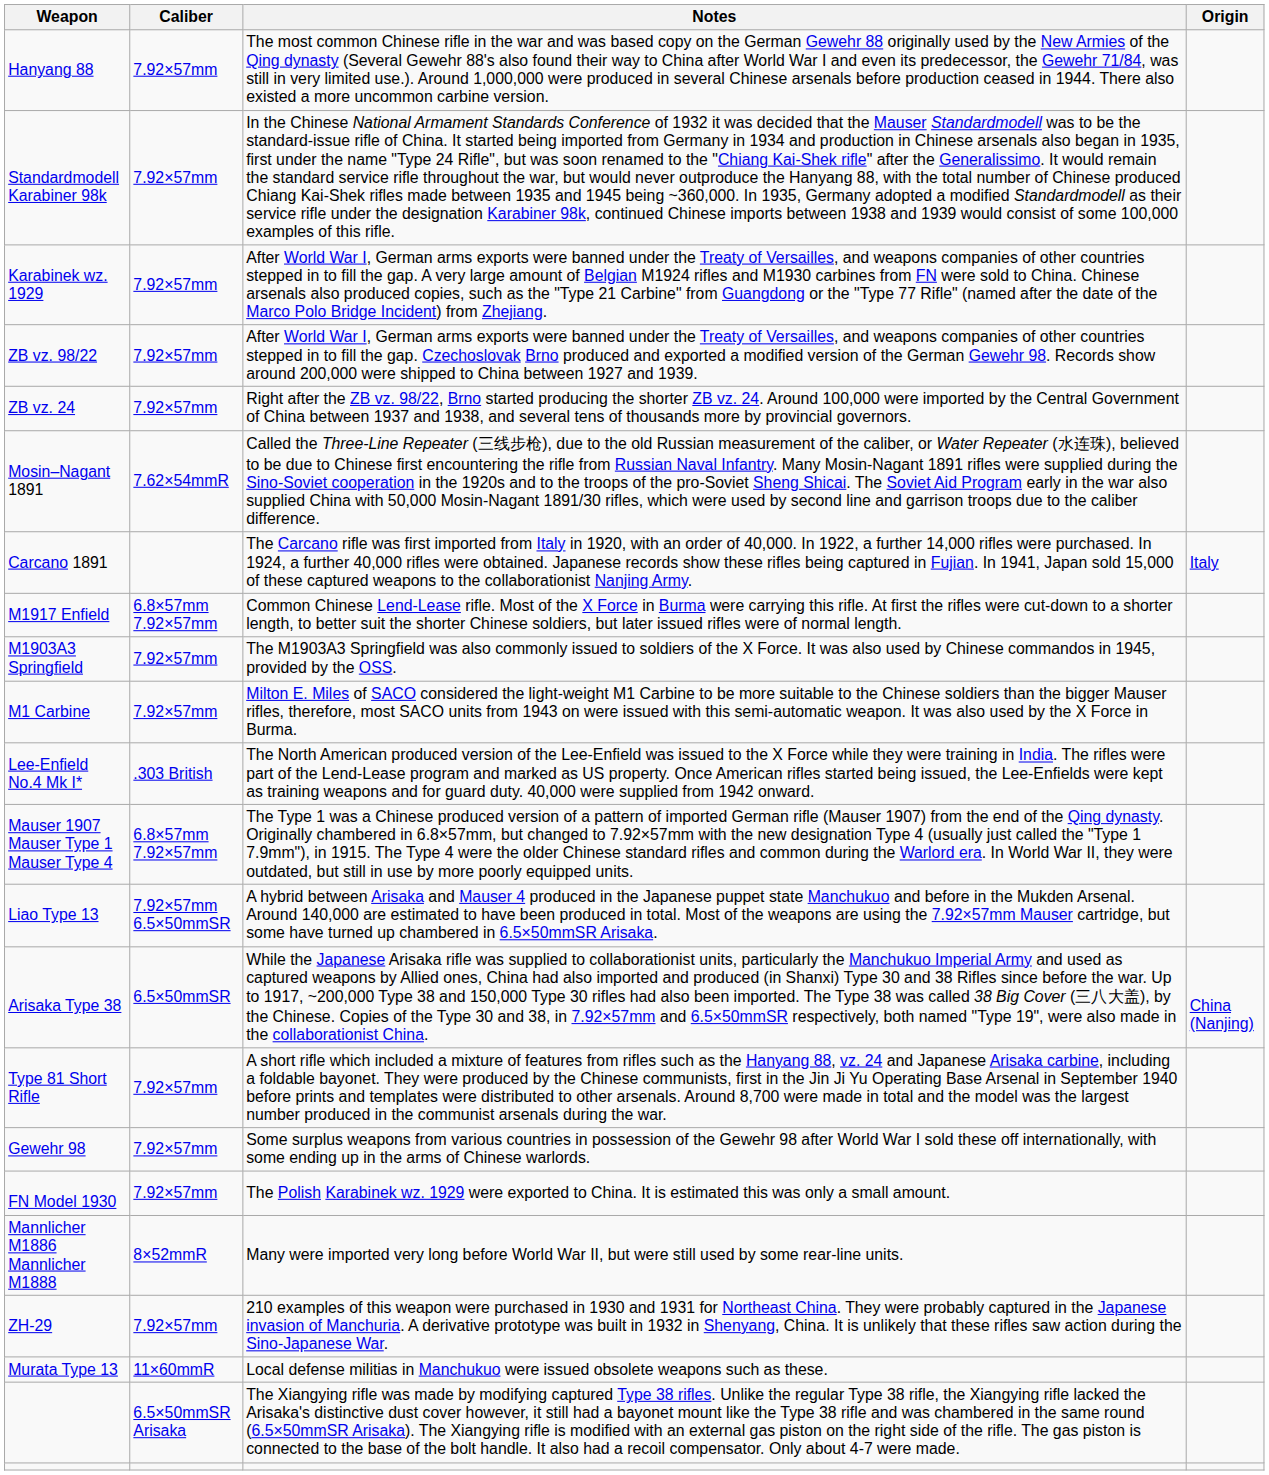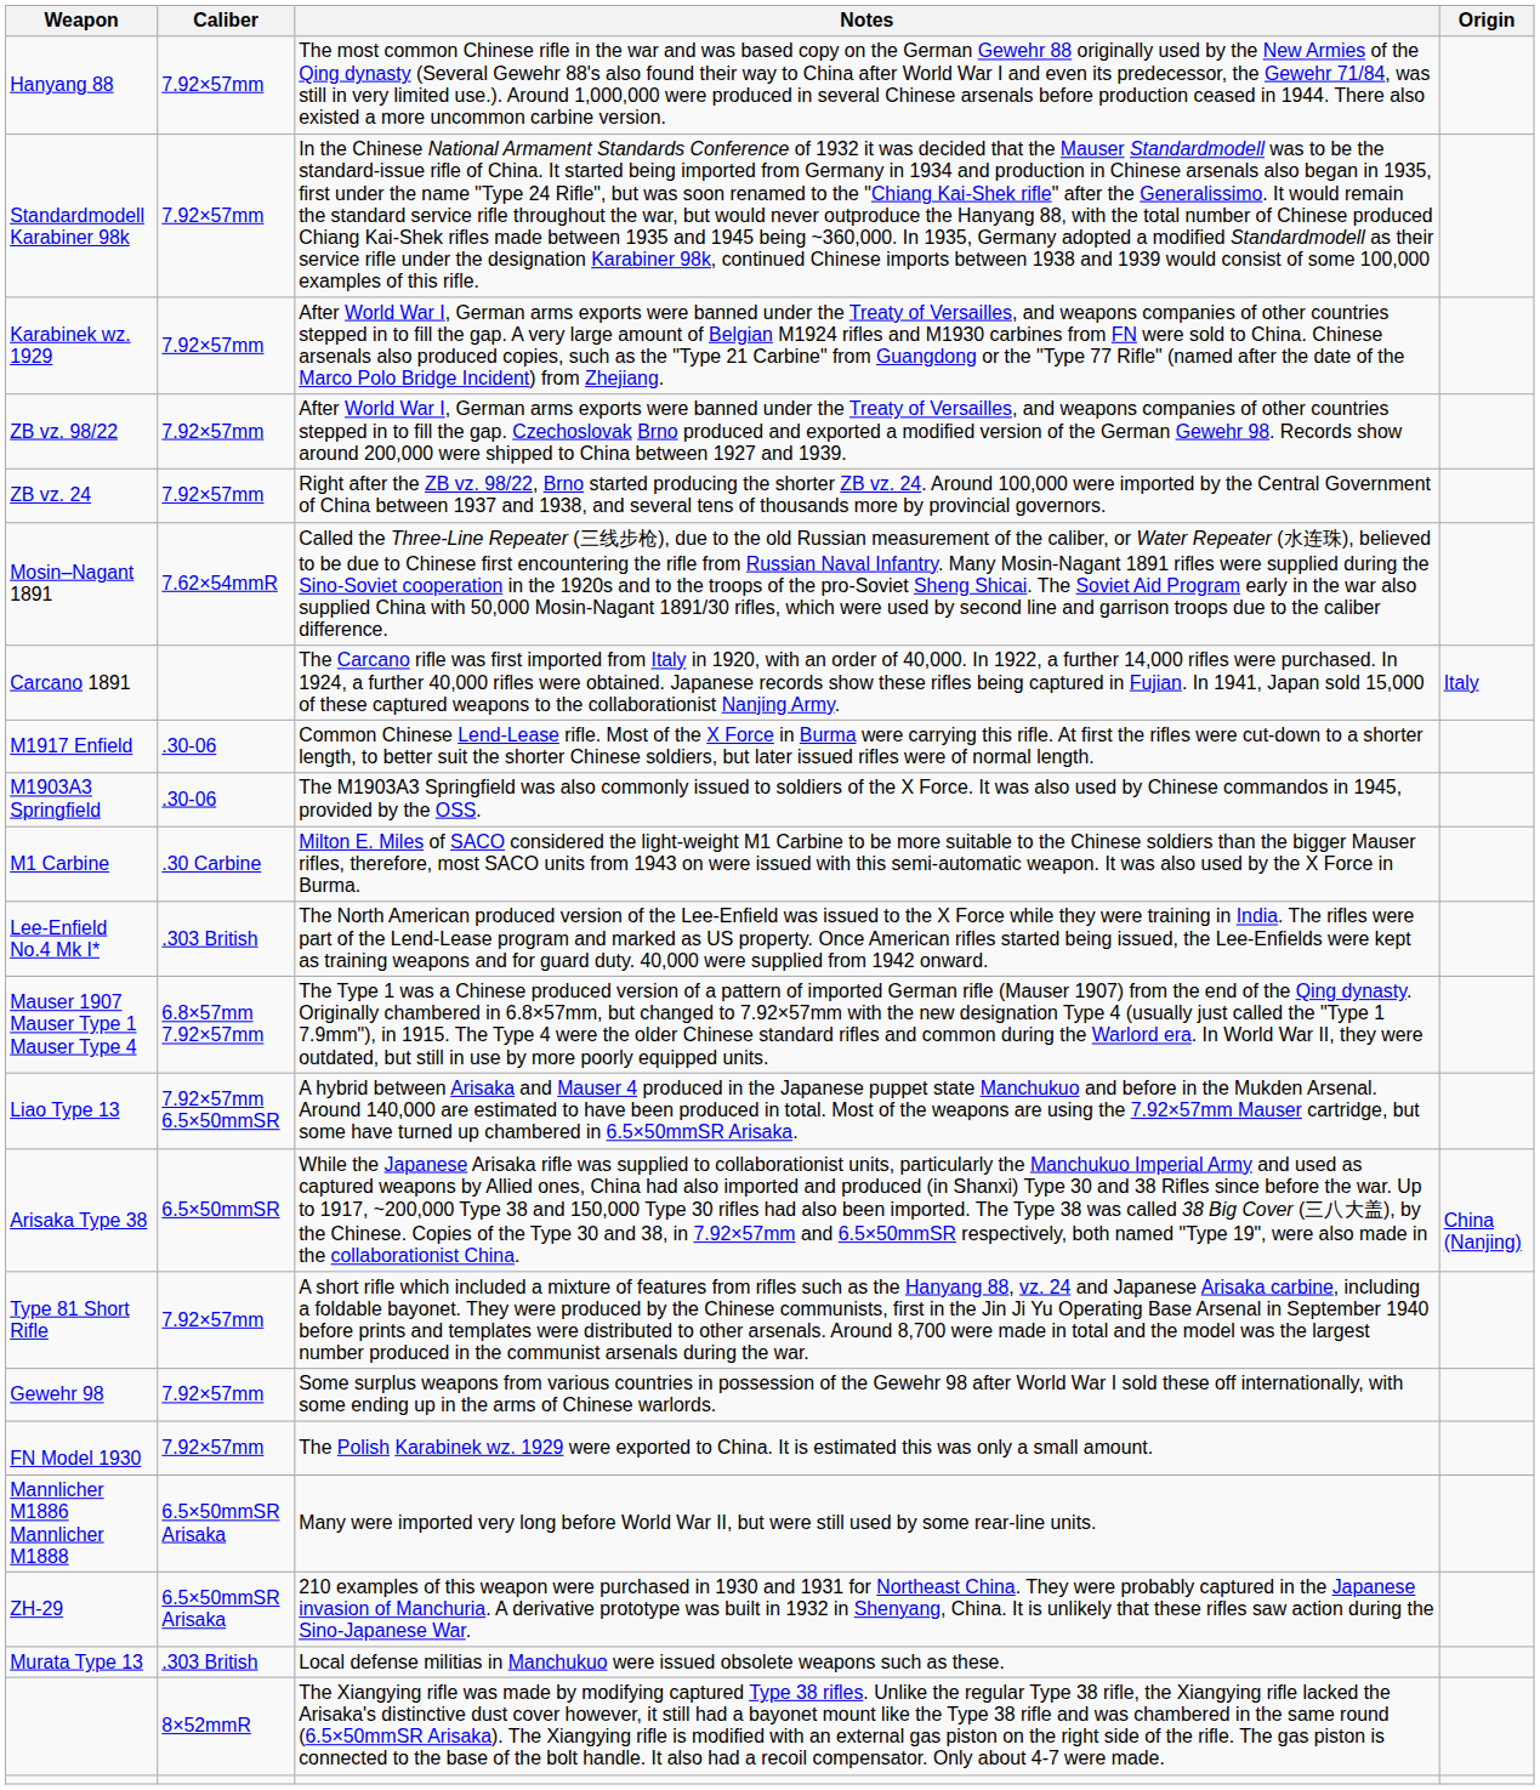 <table class="wikitable sortable" style="font-size:98%;">
 <tr>
 <th>Weapon</th>
 <th>Caliber</th>
 <th>Notes</th>
 <th>Origin</th>
 </tr>
 <tr>
 <td><a href='#'>Hanyang 88</a></td>
 <td><a href='#'>7.92×57mm</a></td>
 <td>The most common Chinese rifle in the war and was based copy on the German <a href='#'>Gewehr 88</a> originally used by the <a href='#'>New Armies</a> of the <a href='#'>Qing dynasty</a> (Several Gewehr 88's also found their way to China after World War I and even its predecessor, the <a href='#'>Gewehr 71/84</a>, was still in very limited use.). Around 1,000,000 were produced in several Chinese arsenals before production ceased in 1944. There also existed a more uncommon carbine version.</td>
 <td><br></td>
 </tr>
 <tr>
 <td><br><a href='#'>Standardmodell</a><br><a href='#'>Karabiner 98k</a></td>
 <td><a href='#'>7.92×57mm</a></td>
 <td>In the Chinese <em>National Armament Standards Conference</em> of 1932 it was decided that the <a href='#'>Mauser</a> <em><a href='#'>Standardmodell</a></em> was to be the standard-issue rifle of China. It started being imported from Germany in 1934 and production in Chinese arsenals also began in 1935, first under the name "Type 24 Rifle", but was soon renamed to the "<a href='#'>Chiang Kai-Shek rifle</a>" after the <a href='#'>Generalissimo</a>. It would remain the standard service rifle throughout the war, but would never outproduce the Hanyang 88, with the total number of Chinese produced Chiang Kai-Shek rifles made between 1935 and 1945 being ~360,000. In 1935, Germany adopted a modified <em>Standardmodell</em> as their service rifle under the designation <a href='#'>Karabiner 98k</a>, continued Chinese imports between 1938 and 1939 would consist of some 100,000 examples of this rifle.</td>
 <td><br></td>
 </tr>
 <tr>
 <td><a href='#'>Karabinek wz. 1929</a></td>
 <td><a href='#'>7.92×57mm</a></td>
 <td>After <a href='#'>World War I</a>, German arms exports were banned under the <a href='#'>Treaty of Versailles</a>, and weapons companies of other countries stepped in to fill the gap. A very large amount of <a href='#'>Belgian</a> M1924 rifles and M1930 carbines from <a href='#'>FN</a> were sold to China. Chinese arsenals also produced copies, such as the "Type 21 Carbine" from <a href='#'>Guangdong</a> or the "Type 77 Rifle" (named after the date of the <a href='#'>Marco Polo Bridge Incident</a>) from <a href='#'>Zhejiang</a>.</td>
 <td><br></td>
 </tr>
 <tr>
 <td><a href='#'>ZB vz. 98/22</a></td>
 <td><a href='#'>7.92×57mm</a></td>
 <td>After <a href='#'>World War I</a>, German arms exports were banned under the <a href='#'>Treaty of Versailles</a>, and weapons companies of other countries stepped in to fill the gap. <a href='#'>Czechoslovak</a> <a href='#'>Brno</a> produced and exported a modified version of the German <a href='#'>Gewehr 98</a>. Records show around 200,000 were shipped to China between 1927 and 1939.</td>
 <td></td>
 </tr>
 <tr>
 <td><a href='#'>ZB vz. 24</a></td>
 <td><a href='#'>7.92×57mm</a></td>
 <td>Right after the <a href='#'>ZB vz. 98/22</a>, <a href='#'>Brno</a> started producing the shorter <a href='#'>ZB vz. 24</a>. Around 100,000 were imported by the Central Government of China between 1937 and 1938, and several tens of thousands more by provincial governors.</td>
 <td></td>
 </tr>
 <tr>
 <td><a href='#'>Mosin–Nagant</a> 1891<br></td>
 <td><a href='#'>7.62×54mmR</a></td>
 <td>Called the <em>Three-Line Repeater</em> (三线步枪), due to the old Russian measurement of the caliber, or <em>Water Repeater</em> (水连珠), believed to be due to Chinese first encountering the rifle from <a href='#'>Russian Naval Infantry</a>. Many Mosin-Nagant 1891 rifles were supplied during the <a href='#'>Sino-Soviet cooperation</a> in the 1920s and to the troops of the pro-Soviet <a href='#'>Sheng Shicai</a>. The <a href='#'>Soviet Aid Program</a> early in the war also supplied China with 50,000 Mosin-Nagant 1891/30 rifles, which were used by second line and garrison troops due to the caliber difference.</td>
 <td></td>
 </tr>
 <tr>
 <td><a href='#'>Carcano</a> 1891</td>
 <td></td>
 <td>The <a href='#'>Carcano</a> rifle was first imported from <a href='#'>Italy</a> in 1920, with an order of 40,000. In 1922, a further 14,000 rifles were purchased. In 1924, a further 40,000 rifles were obtained. Japanese records show these rifles being captured in <a href='#'>Fujian</a>. In 1941, Japan sold 15,000 of these captured weapons to the collaborationist <a href='#'>Nanjing Army</a>.</td>
 <td> <a href='#'>Italy</a></td>
 </tr>
 <tr>
 <td><a href='#'>M1917 Enfield</a></td>
-<td><a href='#'>6.8×57mm</a><br><a href='#'>7.92×57mm</a></td>
+<td><a href='#'>.30-06</a></td>
 <td>Common Chinese <a href='#'>Lend-Lease</a> rifle. Most of the <a href='#'>X Force</a> in <a href='#'>Burma</a> were carrying this rifle. At first the rifles were cut-down to a shorter length, to better suit the shorter Chinese soldiers, but later issued rifles were of normal length.</td>
 <td></td>
 </tr>
 <tr>
 <td><a href='#'>M1903A3 Springfield</a></td>
-<td><a href='#'>7.92×57mm</a></td>
+<td><a href='#'>.30-06</a></td>
 <td>The M1903A3 Springfield was also commonly issued to soldiers of the X Force. It was also used by Chinese commandos in 1945, provided by the <a href='#'>OSS</a>.</td>
 <td></td>
 </tr>
 <tr>
 <td><a href='#'>M1 Carbine</a></td>
-<td><a href='#'>7.92×57mm</a></td>
+<td><a href='#'>.30 Carbine</a></td>
 <td><a href='#'>Milton E. Miles</a> of <a href='#'>SACO</a> considered the light-weight M1 Carbine to be more suitable to the Chinese soldiers than the bigger Mauser rifles, therefore, most SACO units from 1943 on were issued with this semi-automatic weapon. It was also used by the X Force in Burma.</td>
 <td></td>
 </tr>
 <tr>
 <td><a href='#'>Lee-Enfield No.4 Mk I*</a></td>
 <td><a href='#'>.303 British</a></td>
 <td>The North American produced version of the Lee-Enfield was issued to the X Force while they were training in <a href='#'>India</a>. The rifles were part of the Lend-Lease program and marked as US property. Once American rifles started being issued, the Lee-Enfields were kept as training weapons and for guard duty. 40,000 were supplied from 1942 onward.</td>
 <td><br></td>
 </tr>
 <tr>
 <td><a href='#'>Mauser 1907</a><br><a href='#'>Mauser Type 1</a><br><a href='#'>Mauser Type 4</a></td>
 <td><a href='#'>6.8×57mm</a><br><a href='#'>7.92×57mm</a></td>
 <td>The Type 1 was a Chinese produced version of a pattern of imported German rifle (Mauser 1907) from the end of the <a href='#'>Qing dynasty</a>. Originally chambered in 6.8×57mm, but changed to 7.92×57mm with the new designation Type 4 (usually just called the "Type 1 7.9mm"), in 1915. The Type 4 were the older Chinese standard rifles and common during the <a href='#'>Warlord era</a>. In World War II, they were outdated, but still in use by more poorly equipped units.</td>
 <td><br></td>
 </tr>
 <tr>
 <td><a href='#'>Liao Type 13</a></td>
 <td><a href='#'>7.92×57mm</a><br><a href='#'>6.5×50mmSR</a></td>
 <td>A hybrid between <a href='#'>Arisaka</a> and <a href='#'>Mauser 4</a> produced in the Japanese puppet state <a href='#'>Manchukuo</a> and before in the Mukden Arsenal. Around 140,000 are estimated to have been produced in total. Most of the weapons are using the <a href='#'>7.92×57mm Mauser</a> cartridge, but some have turned up chambered in <a href='#'>6.5×50mmSR Arisaka</a>.</td>
 <td><br></td>
 </tr>
 <tr>
 <td><br><a href='#'>Arisaka Type 38</a></td>
 <td><a href='#'>6.5×50mmSR</a></td>
 <td>While the <a href='#'>Japanese</a> Arisaka rifle was supplied to collaborationist units, particularly the <a href='#'>Manchukuo Imperial Army</a> and used as captured weapons by Allied ones, China had also imported and produced (in Shanxi) Type 30 and 38 Rifles since before the war. Up to 1917, ~200,000 Type 38 and 150,000 Type 30 rifles had also been imported. The Type 38 was called <em>38 Big Cover</em> (三八大盖), by the Chinese. Copies of the Type 30 and 38, in <a href='#'>7.92×57mm</a> and <a href='#'>6.5×50mmSR</a> respectively, both named "Type 19", were also made in the <a href='#'>collaborationist China</a>.</td>
 <td><br><br><span></span> <a href='#'>China (Nanjing)</a></td>
 </tr>
 <tr>
 <td><a href='#'>Type 81 Short Rifle</a></td>
 <td><a href='#'>7.92×57mm</a></td>
 <td>A short rifle which included a mixture of features from rifles such as the <a href='#'>Hanyang 88</a>, <a href='#'>vz. 24</a> and Japanese <a href='#'>Arisaka carbine</a>, including a foldable bayonet. They were produced by the Chinese communists, first in the Jin Ji Yu Operating Base Arsenal in September 1940 before prints and templates were distributed to other arsenals. Around 8,700 were made in total and the model was the largest number produced in the communist arsenals during the war.</td>
 <td></td>
 </tr>
 <tr>
 <td><a href='#'>Gewehr 98</a></td>
 <td><a href='#'>7.92×57mm</a></td>
 <td>Some surplus weapons from various countries in possession of the Gewehr 98 after World War I sold these off internationally, with some ending up in the arms of Chinese warlords.</td>
 <td></td>
 </tr>
 <tr>
 <td><br><a href='#'>FN Model 1930</a></td>
 <td><a href='#'>7.92×57mm</a></td>
 <td>The <a href='#'>Polish</a> <a href='#'>Karabinek wz. 1929</a> were exported to China. It is estimated this was only a small amount.</td>
 <td></td>
 </tr>
 <tr>
 <td><a href='#'>Mannlicher M1886</a><br><a href='#'>Mannlicher M1888</a></td>
-<td><a href='#'>8×52mmR</a></td>
+<td><a href='#'>6.5×50mmSR Arisaka</a></td>
 <td>Many were imported very long before World War II, but were still used by some rear-line units.</td>
 <td></td>
 </tr>
 <tr>
 <td><a href='#'>ZH-29</a></td>
-<td><a href='#'>7.92×57mm</a></td>
+<td><a href='#'>6.5×50mmSR Arisaka</a></td>
 <td>210 examples of this weapon were purchased in 1930 and 1931 for <a href='#'>Northeast China</a>. They were probably captured in the <a href='#'>Japanese invasion of Manchuria</a>. A derivative prototype was built in 1932 in <a href='#'>Shenyang</a>, China. It is unlikely that these rifles saw action during the <a href='#'>Sino-Japanese War</a>.</td>
 <td> </td>
 </tr>
 <tr>
 <td><a href='#'>Murata Type 13</a></td>
-<td><a href='#'>11×60mmR</a></td>
+<td><a href='#'>.303 British</a></td>
 <td>Local defense militias in <a href='#'>Manchukuo</a> were issued obsolete weapons such as these.</td>
 <td></td>
 </tr>
 <tr>
 <td></td>
-<td><a href='#'>6.5×50mmSR Arisaka</a></td>
+<td><a href='#'>8×52mmR</a></td>
 <td>The Xiangying rifle was made by modifying captured <a href='#'>Type 38 rifles</a>. Unlike the regular Type 38 rifle, the Xiangying rifle lacked the Arisaka's distinctive dust cover however, it still had a bayonet mount like the Type 38 rifle and was chambered in the same round (<a href='#'>6.5×50mmSR Arisaka</a>). The Xiangying rifle is modified with an external gas piston on the right side of the rifle. The gas piston is connected to the base of the bolt handle. It also had a recoil compensator. Only about 4-7 were made.</td>
 <td></td>
 </tr>
 <tr>
 <td></td>
 <td></td>
 <td></td>
 <td></td>
 </tr>
 </table>
